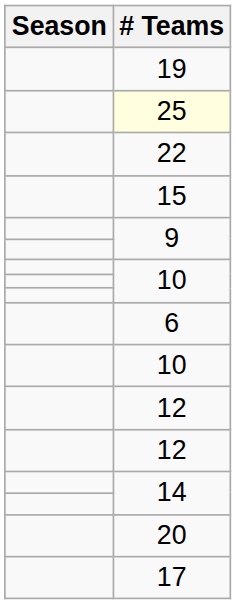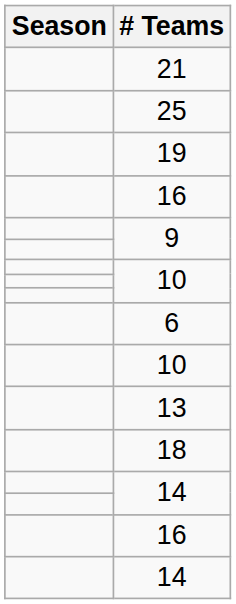 <table class="wikitable" style="float:right; margin-left:1em; text-align:center">
 <tr>
 <th>Season</th>
 <th># Teams</th>
 </tr>
 <tr>
 <td></td>
+<td>21</td>
+</tr>
+<tr>
+<td></td>
+<td>25</td>
+</tr>
+<tr>
+<td></td>
 <td>19</td>
 </tr>
 <tr>
 <td></td>
-<td style="background: lightyellow;">25</td>
-</tr>
-<tr>
-<td></td>
-<td>22</td>
-</tr>
-<tr>
-<td></td>
-<td>15</td>
+<td>16</td>
 </tr>
 <tr>
 <td></td>
 <td rowspan = 2>9</td>
 </tr>
 <tr>
 <td></td>
 </tr>
 <tr>
 <td></td>
 <td rowspan = 3>10</td>
 </tr>
 <tr>
 <td></td>
 </tr>
 <tr>
 <td></td>
 </tr>
 <tr>
 <td></td>
 <td>6</td>
 </tr>
 <tr>
 <td></td>
 <td>10</td>
 </tr>
 <tr>
 <td></td>
-<td>12</td>
+<td>13</td>
 </tr>
 <tr>
 <td></td>
-<td>12</td>
+<td>18</td>
 </tr>
 <tr>
 <td></td>
 <td rowspan = 2>14</td>
 </tr>
 <tr>
 <td></td>
 </tr>
 <tr>
 <td></td>
-<td>20</td>
+<td>16</td>
 </tr>
 <tr>
 <td></td>
-<td>17</td>
+<td>14</td>
 </tr>
 </table>
